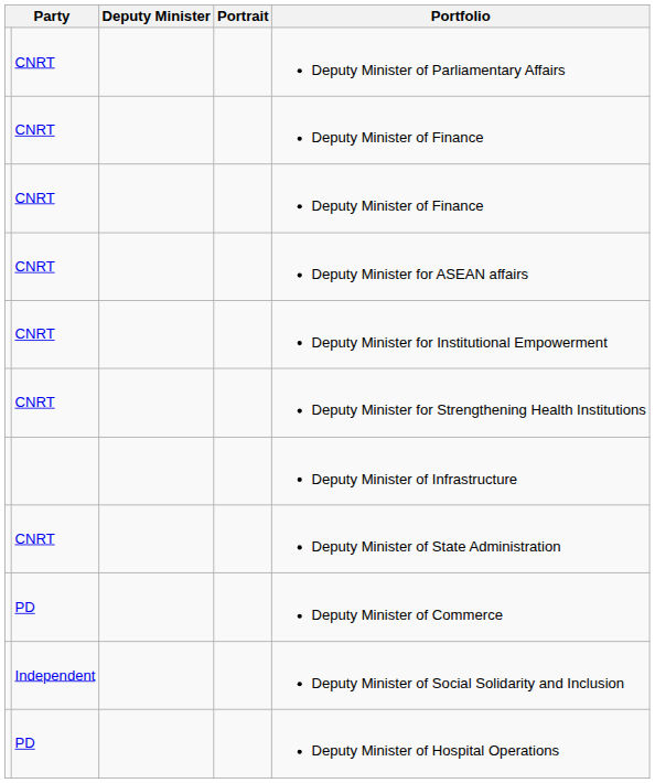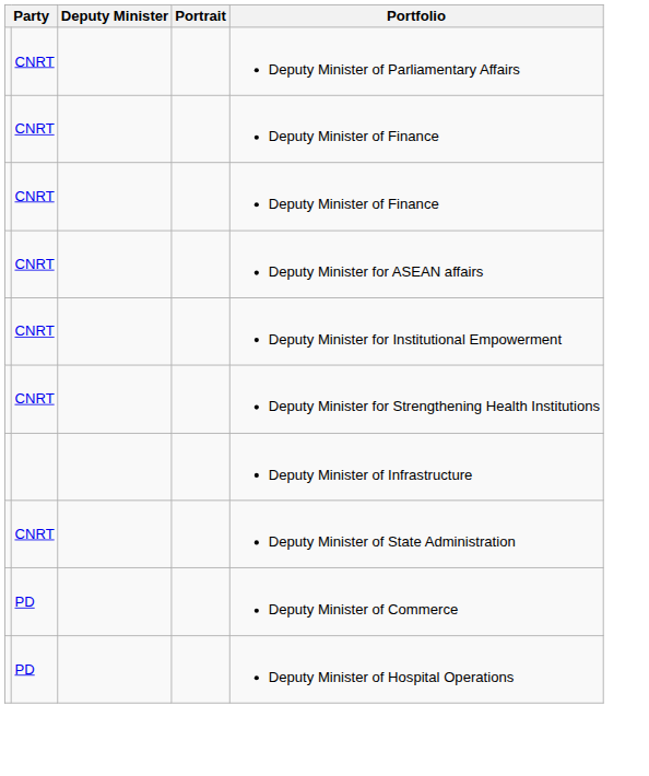 <table class="wikitable sortable">
 <tr>
 <th colspan="2">Party</th>
 <th>Deputy Minister</th>
 <th>Portrait</th>
 <th>Portfolio</th>
 </tr>
 <tr>
 <td style="background:"></td>
 <td><a href='#'>CNRT</a></td>
 <td></td>
 <td></td>
 <td><br><ul><li>Deputy Minister of Parliamentary Affairs</li></ul></td>
 </tr>
 <tr>
 <td style="background:"></td>
 <td><a href='#'>CNRT</a></td>
 <td></td>
 <td></td>
 <td><br><ul><li>Deputy Minister of Finance<br></li></ul></td>
 </tr>
 <tr>
 <td style="background:"></td>
 <td><a href='#'>CNRT</a></td>
 <td></td>
 <td></td>
 <td><br><ul><li>Deputy Minister of Finance<br></li></ul></td>
 </tr>
 <tr>
 <td style="background:"></td>
 <td><a href='#'>CNRT</a></td>
 <td></td>
 <td></td>
 <td><br><ul><li>Deputy Minister for ASEAN affairs</li></ul></td>
 </tr>
 <tr>
 <td style="background:"></td>
 <td><a href='#'>CNRT</a></td>
 <td></td>
 <td></td>
 <td><br><ul><li>Deputy Minister for Institutional Empowerment</li></ul></td>
 </tr>
 <tr>
 <td style="background:"></td>
 <td><a href='#'>CNRT</a></td>
 <td></td>
 <td></td>
 <td><br><ul><li>Deputy Minister for Strengthening Health Institutions</li></ul></td>
 </tr>
 <tr>
 <td></td>
 <td></td>
 <td></td>
 <td></td>
 <td><br><ul><li>Deputy Minister of Infrastructure</li></ul></td>
 </tr>
 <tr>
 <td style="background:"></td>
 <td><a href='#'>CNRT</a></td>
 <td></td>
 <td></td>
 <td><br><ul><li>Deputy Minister of State Administration</li></ul></td>
 </tr>
 <tr>
 <td style="background:"></td>
 <td><a href='#'>PD</a></td>
 <td></td>
 <td></td>
 <td><br><ul><li>Deputy Minister of Commerce</li></ul></td>
 </tr>
 <tr>
 <td style="background:"></td>
-<td><a href='#'>Independent</a></td>
-<td></td>
-<td></td>
-<td><br><ul><li>Deputy Minister of Social Solidarity and Inclusion</li></ul></td>
-</tr>
-<tr>
-<td style="background:"></td>
 <td><a href='#'>PD</a></td>
 <td></td>
 <td></td>
 <td><br><ul><li>Deputy Minister of Hospital Operations</li></ul></td>
 </tr>
 </table>
